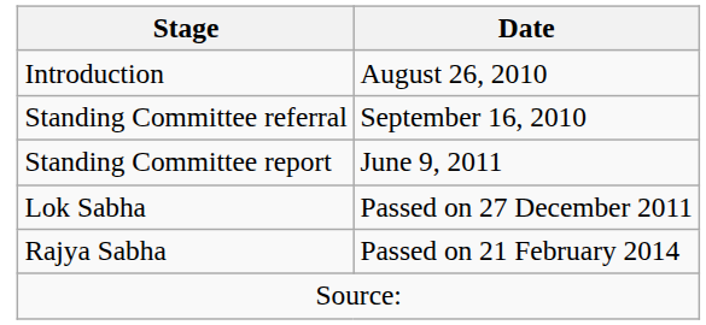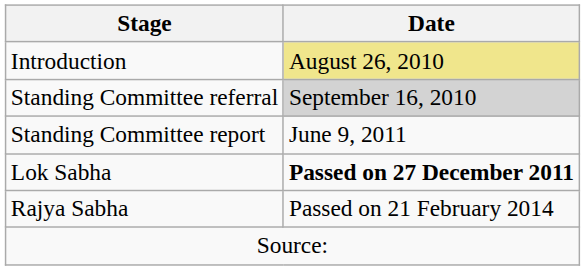 <table class="wikitable" style="float:right;">
 <tr>
 <th>Stage</th>
 <th>Date</th>
 </tr>
 <tr>
 <td>Introduction</td>
-<td>August 26, 2010</td>
+<td style="background: khaki;">August 26, 2010</td>
 </tr>
 <tr>
 <td>Standing Committee referral</td>
-<td>September 16, 2010</td>
+<td style="background: lightgrey;">September 16, 2010</td>
 </tr>
 <tr>
 <td>Standing Committee report</td>
 <td>June 9, 2011</td>
 </tr>
 <tr>
 <td>Lok Sabha</td>
-<td>Passed on 27 December 2011</td>
+<td><strong>Passed on 27 December 2011</strong></td>
 </tr>
 <tr>
 <td>Rajya Sabha</td>
 <td>Passed on 21 February 2014</td>
 </tr>
 <tr>
 <td colspan="3" style="text-align:center;">Source:</td>
 </tr>
 </table>
